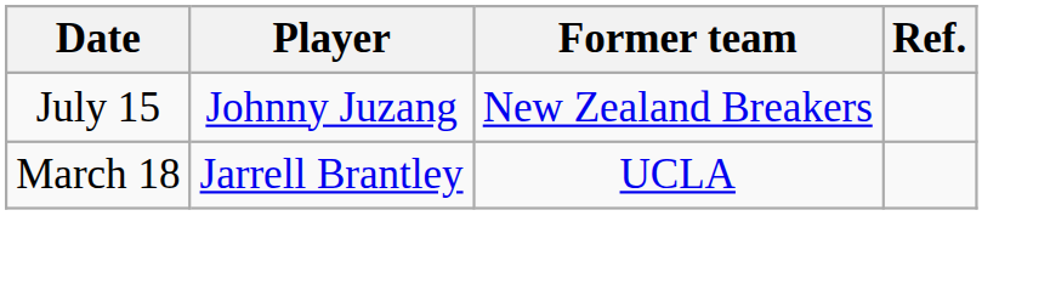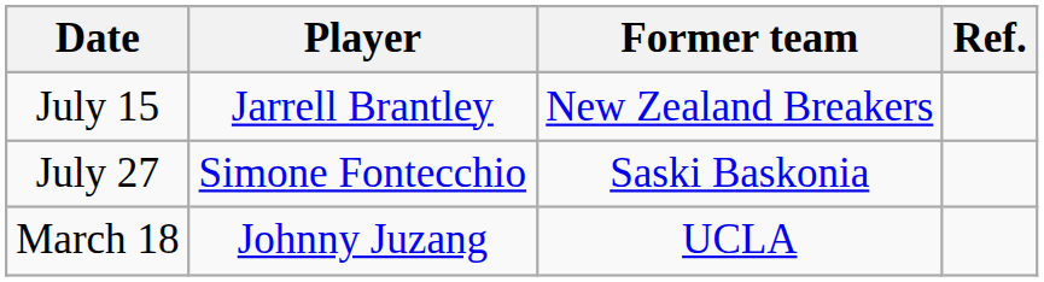 <table class="wikitable sortable sortable" style="text-align: center">
 <tr>
 <th>Date</th>
 <th>Player</th>
 <th>Former team</th>
 <th>Ref.</th>
 </tr>
 <tr>
 <td>July 15</td>
-<td><a href='#'>Johnny Juzang</a></td>
+<td><a href='#'>Jarrell Brantley</a></td>
 <td><a href='#'>New Zealand Breakers</a></td>
 <td></td>
 </tr>
 <tr>
+<td>July 27</td>
+<td><a href='#'>Simone Fontecchio</a></td>
+<td><a href='#'>Saski Baskonia</a></td>
+<td></td>
+</tr>
+<tr>
 <td>March 18</td>
-<td><a href='#'>Jarrell Brantley</a></td>
+<td><a href='#'>Johnny Juzang</a></td>
 <td><a href='#'>UCLA</a></td>
 <td></td>
 </tr>
 </table>
